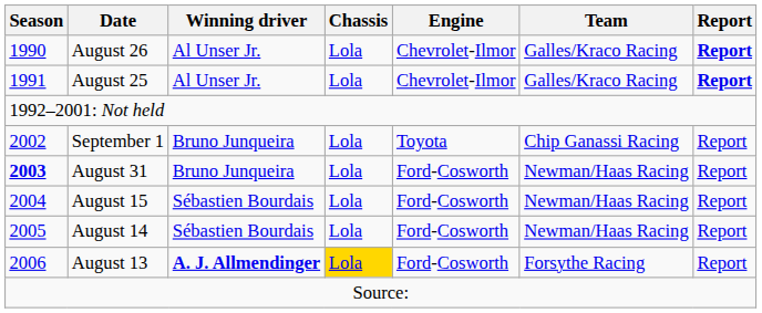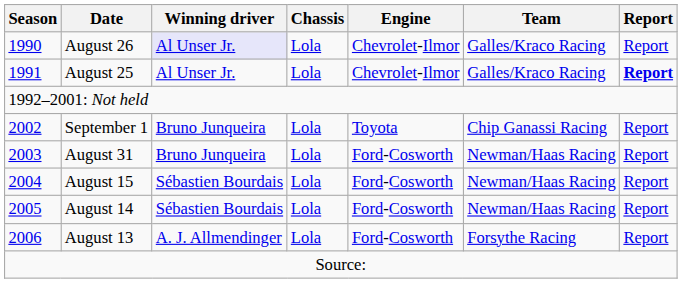 <table class="wikitable" style="font-size: 95%;">
 <tr>
 <th>Season</th>
 <th>Date</th>
 <th>Winning driver</th>
 <th>Chassis</th>
 <th>Engine</th>
 <th>Team</th>
 <th>Report</th>
 </tr>
 <tr>
 <td><a href='#'>1990</a></td>
 <td>August 26</td>
-<td> <a href='#'>Al Unser Jr.</a></td>
+<td style="background: lavender;"> <a href='#'>Al Unser Jr.</a></td>
 <td><a href='#'>Lola</a></td>
 <td><a href='#'>Chevrolet</a>-<a href='#'>Ilmor</a></td>
 <td><a href='#'>Galles/Kraco Racing</a></td>
-<td><strong><a href='#'>Report</a></strong></td>
+<td><a href='#'>Report</a></td>
 </tr>
 <tr>
 <td><a href='#'>1991</a></td>
 <td>August 25</td>
 <td> <a href='#'>Al Unser Jr.</a></td>
 <td><a href='#'>Lola</a></td>
 <td><a href='#'>Chevrolet</a>-<a href='#'>Ilmor</a></td>
 <td><a href='#'>Galles/Kraco Racing</a></td>
 <td><strong><a href='#'>Report</a></strong></td>
 </tr>
 <tr>
 <td colspan=7>1992–2001: <em>Not held</em></td>
 </tr>
 <tr>
 <td><a href='#'>2002</a></td>
 <td>September 1</td>
 <td> <a href='#'>Bruno Junqueira</a></td>
 <td><a href='#'>Lola</a></td>
 <td><a href='#'>Toyota</a></td>
 <td><a href='#'>Chip Ganassi Racing</a></td>
 <td><a href='#'>Report</a></td>
 </tr>
 <tr>
-<td><strong><a href='#'>2003</a></strong></td>
+<td><a href='#'>2003</a></td>
 <td>August 31</td>
 <td> <a href='#'>Bruno Junqueira</a></td>
 <td><a href='#'>Lola</a></td>
 <td><a href='#'>Ford</a>-<a href='#'>Cosworth</a></td>
 <td><a href='#'>Newman/Haas Racing</a></td>
 <td><a href='#'>Report</a></td>
 </tr>
 <tr>
 <td><a href='#'>2004</a></td>
 <td>August 15</td>
 <td> <a href='#'>Sébastien Bourdais</a></td>
 <td><a href='#'>Lola</a></td>
 <td><a href='#'>Ford</a>-<a href='#'>Cosworth</a></td>
 <td><a href='#'>Newman/Haas Racing</a></td>
 <td><a href='#'>Report</a></td>
 </tr>
 <tr>
 <td><a href='#'>2005</a></td>
 <td>August 14</td>
 <td> <a href='#'>Sébastien Bourdais</a></td>
 <td><a href='#'>Lola</a></td>
 <td><a href='#'>Ford</a>-<a href='#'>Cosworth</a></td>
 <td><a href='#'>Newman/Haas Racing</a></td>
 <td><a href='#'>Report</a></td>
 </tr>
 <tr>
 <td><a href='#'>2006</a></td>
 <td>August 13</td>
-<td><strong> <a href='#'>A. J. Allmendinger</a></strong></td>
-<td style="background: gold;"><a href='#'>Lola</a></td>
+<td> <a href='#'>A. J. Allmendinger</a></td>
+<td><a href='#'>Lola</a></td>
 <td><a href='#'>Ford</a>-<a href='#'>Cosworth</a></td>
 <td><a href='#'>Forsythe Racing</a></td>
 <td><a href='#'>Report</a></td>
 </tr>
 <tr>
 <td colspan=7 align=center>Source:</td>
 </tr>
 </table>
